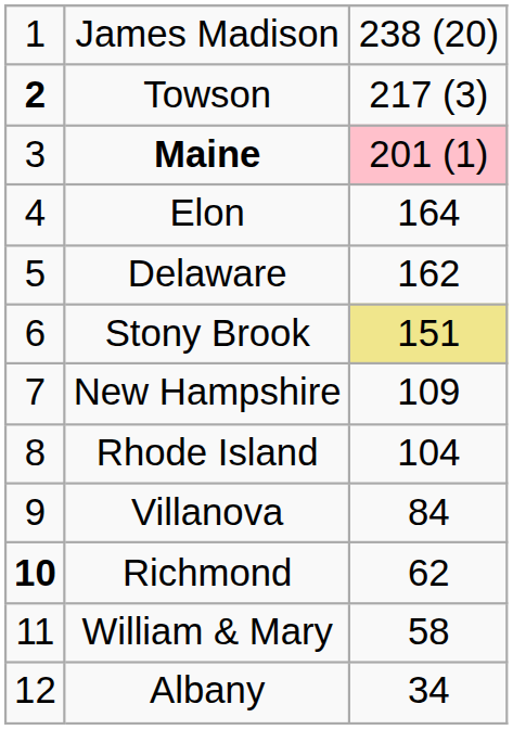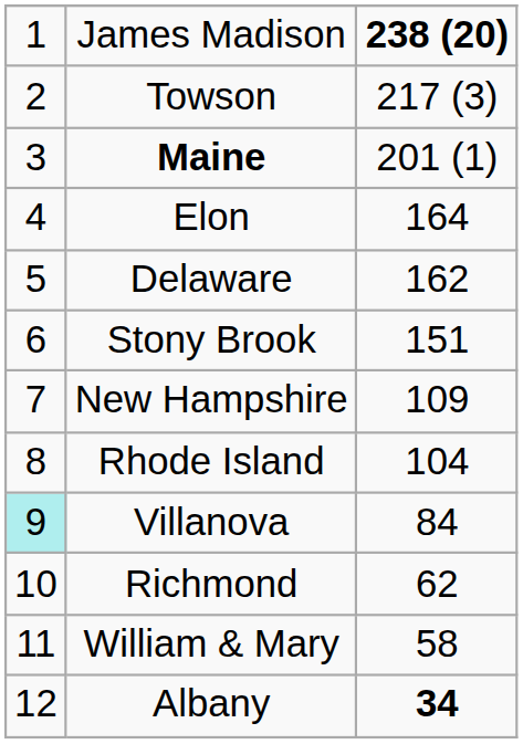 <table class="wikitable">
 <tr align="center">
 </tr>
 <tr align="center">
 <td>1</td>
 <td>James Madison</td>
-<td>238 (20)</td>
+<td><strong>238 (20)</strong></td>
 </tr>
 <tr align="center">
-<td><strong>2</strong></td>
+<td>2</td>
 <td>Towson</td>
 <td>217 (3)</td>
 </tr>
 <tr align="center">
 <td>3</td>
 <td><strong>Maine</strong></td>
-<td style="background: pink;">201 (1)</td>
+<td>201 (1)</td>
 </tr>
 <tr align="center">
 <td>4</td>
 <td>Elon</td>
 <td>164</td>
 </tr>
 <tr align="center">
 <td>5</td>
 <td>Delaware</td>
 <td>162</td>
 </tr>
 <tr align="center">
 <td>6</td>
 <td>Stony Brook</td>
-<td style="background: khaki;">151</td>
+<td>151</td>
 </tr>
 <tr align="center">
 <td>7</td>
 <td>New Hampshire</td>
 <td>109</td>
 </tr>
 <tr align="center">
 <td>8</td>
 <td>Rhode Island</td>
 <td>104</td>
 </tr>
 <tr align="center">
-<td>9</td>
+<td style="background: paleturquoise;">9</td>
 <td>Villanova</td>
 <td>84</td>
 </tr>
 <tr align="center">
-<td><strong>10</strong></td>
+<td>10</td>
 <td>Richmond</td>
 <td>62</td>
 </tr>
 <tr align="center">
 <td>11</td>
 <td>William & Mary</td>
 <td>58</td>
 </tr>
 <tr align="center">
 <td>12</td>
 <td>Albany</td>
-<td>34</td>
+<td><strong>34</strong></td>
 </tr>
 </table>
